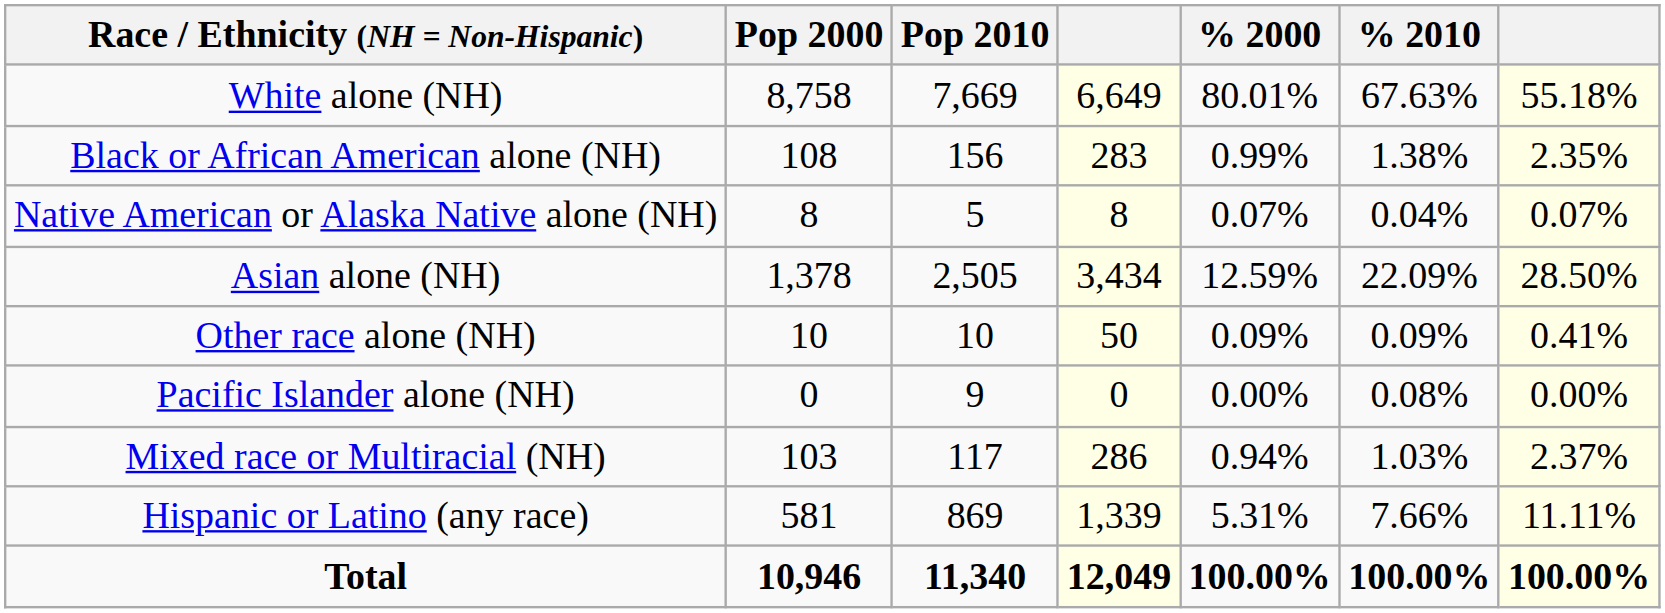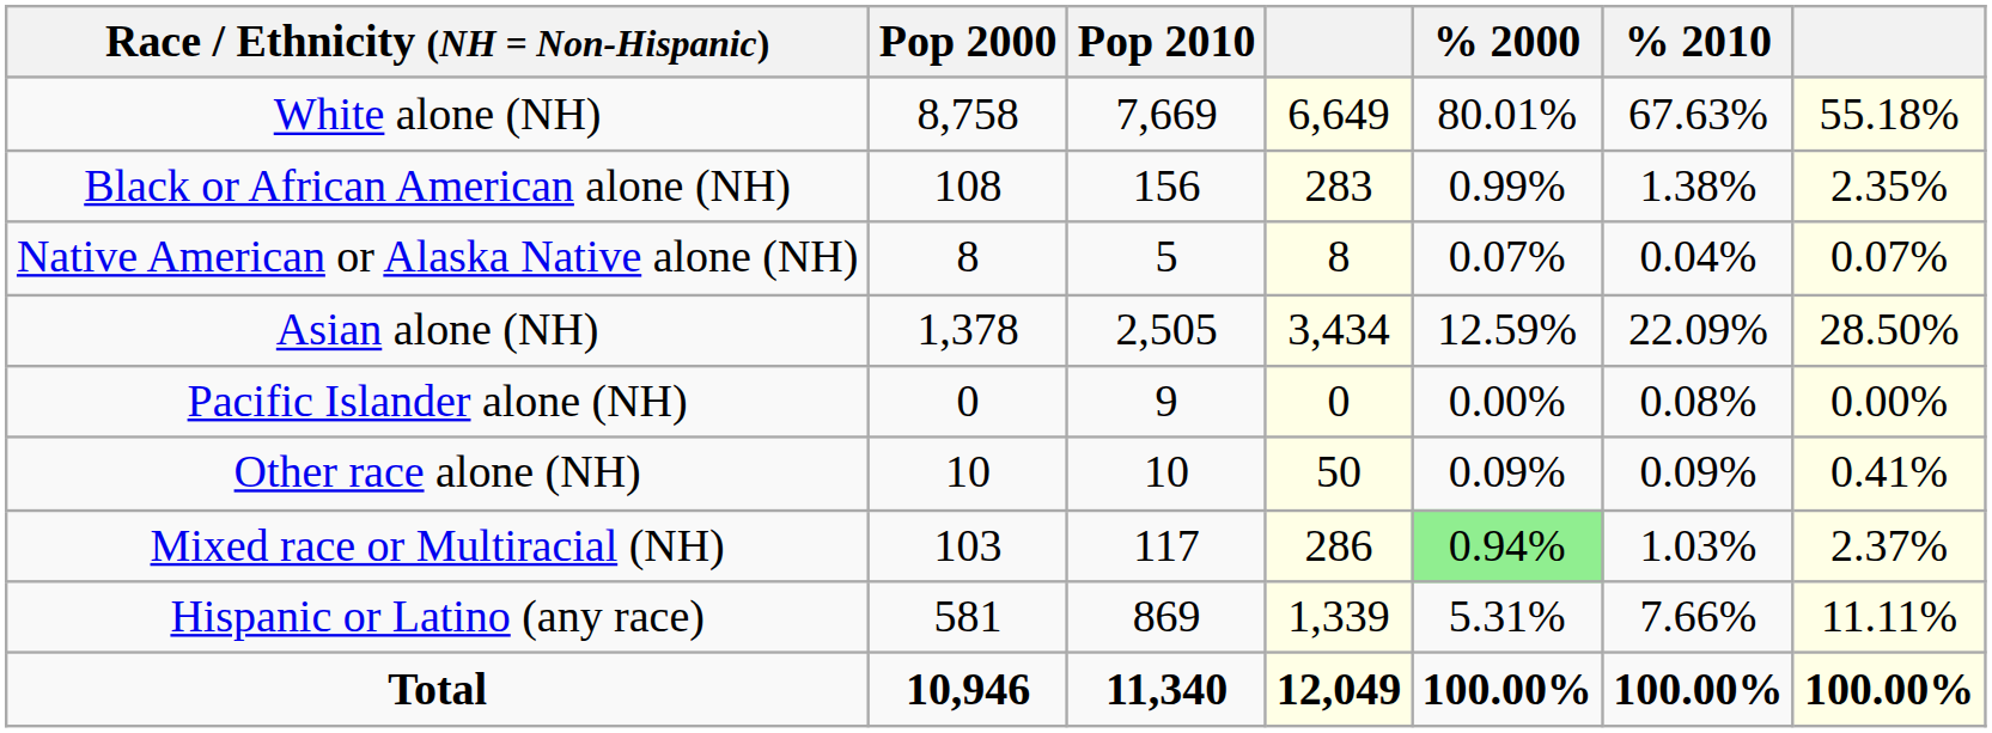 <table class="wikitable" style="text-align:center;">
 <tr>
 <th>Race / Ethnicity <small>(<em>NH = Non-Hispanic</em>)</small></th>
 <th>Pop 2000</th>
 <th>Pop 2010</th>
 <th></th>
 <th>% 2000</th>
 <th>% 2010</th>
 <th></th>
 </tr>
 <tr>
 <td><a href='#'>White</a> alone (NH)</td>
 <td>8,758</td>
 <td>7,669</td>
 <td style='background: #ffffe6;'>6,649</td>
 <td>80.01%</td>
 <td>67.63%</td>
 <td style='background: #ffffe6;'>55.18%</td>
 </tr>
 <tr>
 <td><a href='#'>Black or African American</a> alone (NH)</td>
 <td>108</td>
 <td>156</td>
 <td style='background: #ffffe6;'>283</td>
 <td>0.99%</td>
 <td>1.38%</td>
 <td style='background: #ffffe6;'>2.35%</td>
 </tr>
 <tr>
 <td><a href='#'>Native American</a> or <a href='#'>Alaska Native</a> alone (NH)</td>
 <td>8</td>
 <td>5</td>
 <td style='background: #ffffe6;'>8</td>
 <td>0.07%</td>
 <td>0.04%</td>
 <td style='background: #ffffe6;'>0.07%</td>
 </tr>
 <tr>
 <td><a href='#'>Asian</a> alone (NH)</td>
 <td>1,378</td>
 <td>2,505</td>
 <td style='background: #ffffe6;'>3,434</td>
 <td>12.59%</td>
 <td>22.09%</td>
 <td style='background: #ffffe6;'>28.50%</td>
 </tr>
 <tr>
+<td><a href='#'>Pacific Islander</a> alone (NH)</td>
+<td>0</td>
+<td>9</td>
+<td style='background: #ffffe6;'>0</td>
+<td>0.00%</td>
+<td>0.08%</td>
+<td style='background: #ffffe6;'>0.00%</td>
+</tr>
+<tr>
 <td><a href='#'>Other race</a> alone (NH)</td>
 <td>10</td>
 <td>10</td>
 <td style='background: #ffffe6;'>50</td>
 <td>0.09%</td>
 <td>0.09%</td>
 <td style='background: #ffffe6;'>0.41%</td>
 </tr>
 <tr>
-<td><a href='#'>Pacific Islander</a> alone (NH)</td>
-<td>0</td>
-<td>9</td>
-<td style='background: #ffffe6;'>0</td>
-<td>0.00%</td>
-<td>0.08%</td>
-<td style='background: #ffffe6;'>0.00%</td>
-</tr>
-<tr>
 <td><a href='#'>Mixed race or Multiracial</a> (NH)</td>
 <td>103</td>
 <td>117</td>
 <td style='background: #ffffe6;'>286</td>
-<td>0.94%</td>
+<td style="background: lightgreen;">0.94%</td>
 <td>1.03%</td>
 <td style='background: #ffffe6;'>2.37%</td>
 </tr>
 <tr>
 <td><a href='#'>Hispanic or Latino</a> (any race)</td>
 <td>581</td>
 <td>869</td>
 <td style='background: #ffffe6;'>1,339</td>
 <td>5.31%</td>
 <td>7.66%</td>
 <td style='background: #ffffe6;'>11.11%</td>
 </tr>
 <tr>
 <td><strong>Total</strong></td>
 <td><strong>10,946</strong></td>
 <td><strong>11,340</strong></td>
 <td style='background: #ffffe6;'><strong>12,049</strong></td>
 <td><strong>100.00%</strong></td>
 <td><strong>100.00%</strong></td>
 <td style='background: #ffffe6;'><strong>100.00%</strong></td>
 </tr>
 </table>
